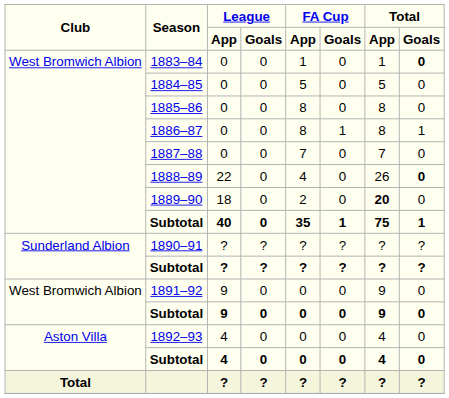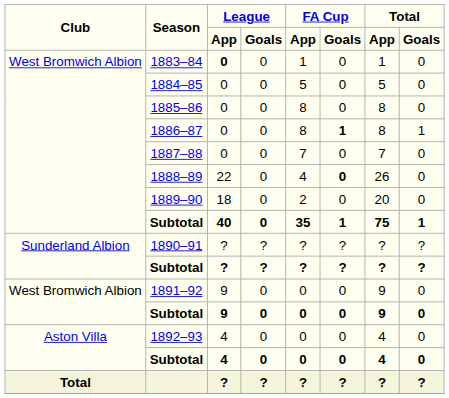 <table border=1 align=center cellpadding=4 cellspacing=2 style="background: ivory; font-size: 95%; border: 1px #aaaaaa solid; border-collapse: collapse; clear:center;text-align: center">
 <tr>
 <th rowspan="2">Club</th>
 <th rowspan="2">Season</th>
 <th colspan="2"><a href='#'>League</a></th>
 <th colspan="2"><a href='#'>FA Cup</a></th>
 <th colspan="2">Total</th>
 </tr>
 <tr>
 <th>App</th>
 <th>Goals</th>
 <th>App</th>
 <th>Goals</th>
 <th>App</th>
 <th>Goals</th>
 </tr>
 <tr>
 <td rowspan="8" valign=top><a href='#'>West Bromwich Albion</a></td>
 <td><a href='#'>1883–84</a></td>
-<td>0</td>
+<td><strong>0</strong></td>
 <td>0</td>
 <td>1</td>
 <td>0</td>
 <td>1</td>
-<td><strong>0</strong></td>
+<td>0</td>
 </tr>
 <tr>
 <td><a href='#'>1884–85</a></td>
 <td>0</td>
 <td>0</td>
 <td>5</td>
 <td>0</td>
 <td>5</td>
 <td>0</td>
 </tr>
 <tr>
 <td><a href='#'>1885–86</a></td>
 <td>0</td>
 <td>0</td>
 <td>8</td>
 <td>0</td>
 <td>8</td>
 <td>0</td>
 </tr>
 <tr>
 <td><a href='#'>1886–87</a></td>
 <td>0</td>
 <td>0</td>
 <td>8</td>
-<td>1</td>
+<td><strong>1</strong></td>
 <td>8</td>
 <td>1</td>
 </tr>
 <tr>
 <td><a href='#'>1887–88</a></td>
 <td>0</td>
 <td>0</td>
 <td>7</td>
 <td>0</td>
 <td>7</td>
 <td>0</td>
 </tr>
 <tr>
 <td><a href='#'>1888–89</a></td>
 <td>22</td>
 <td>0</td>
 <td>4</td>
+<td><strong>0</strong></td>
+<td>26</td>
 <td>0</td>
-<td>26</td>
-<td><strong>0</strong></td>
 </tr>
 <tr>
 <td><a href='#'>1889–90</a></td>
 <td>18</td>
 <td>0</td>
 <td>2</td>
 <td>0</td>
-<td><strong>20</strong></td>
+<td>20</td>
 <td>0</td>
 </tr>
 <tr>
 <th>Subtotal</th>
 <th>40</th>
 <th>0</th>
 <th>35</th>
 <th>1</th>
 <th>75</th>
 <th>1</th>
 </tr>
 <tr>
 <td rowspan="2" valign=top><a href='#'>Sunderland Albion</a></td>
 <td><a href='#'>1890–91</a></td>
 <td>?</td>
 <td>?</td>
 <td>?</td>
 <td>?</td>
 <td>?</td>
 <td>?</td>
 </tr>
 <tr>
 <th>Subtotal</th>
 <th>?</th>
 <th>?</th>
 <th>?</th>
 <th>?</th>
 <th>?</th>
 <th>?</th>
 </tr>
 <tr>
 <td rowspan="2" valign=top>West Bromwich Albion</td>
 <td><a href='#'>1891–92</a></td>
 <td>9</td>
 <td>0</td>
 <td>0</td>
 <td>0</td>
 <td>9</td>
 <td>0</td>
 </tr>
 <tr>
 <th>Subtotal</th>
 <th>9</th>
 <th>0</th>
 <th>0</th>
 <th>0</th>
 <th>9</th>
 <th>0</th>
 </tr>
 <tr>
 <td rowspan="2" valign=top><a href='#'>Aston Villa</a></td>
 <td><a href='#'>1892–93</a></td>
 <td>4</td>
 <td>0</td>
 <td>0</td>
 <td>0</td>
 <td>4</td>
 <td>0</td>
 </tr>
 <tr>
 <th>Subtotal</th>
 <th>4</th>
 <th>0</th>
 <th>0</th>
 <th>0</th>
 <th>4</th>
 <th>0</th>
 </tr>
 <tr>
 <th style="background:beige">Total</th>
 <th style="background:beige" colspan="1"></th>
 <th style="background:beige">?</th>
 <th style="background:beige">?</th>
 <th style="background:beige">?</th>
 <th style="background:beige">?</th>
 <th style="background:beige">?</th>
 <th style="background:beige">?</th>
 </tr>
 <tr>
 </tr>
 </table>
